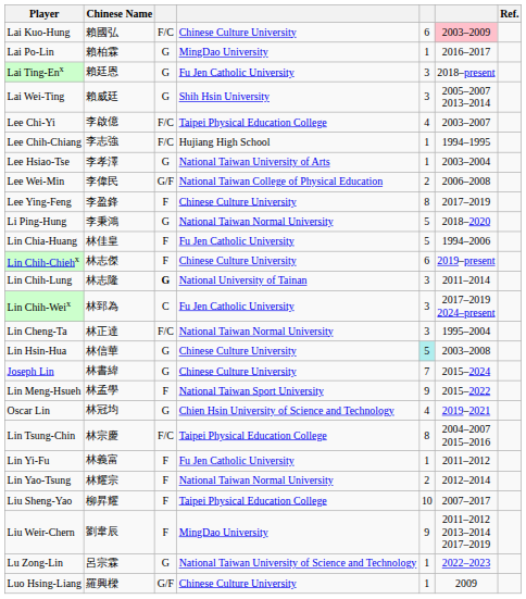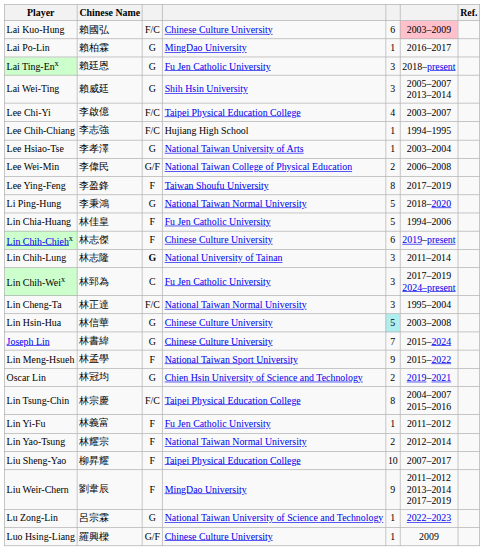 <table class="wikitable sortable" style="font-size:95%; text-align:left;">
 <tr>
 <th>Player</th>
 <th>Chinese Name</th>
 <th></th>
 <th></th>
 <th></th>
 <th></th>
 <th>Ref.</th>
 </tr>
 <tr>
 <td>Lai Kuo-Hung</td>
 <td>賴國弘</td>
 <td align="center">F/C</td>
 <td><a href='#'>Chinese Culture University</a></td>
 <td align="center">6</td>
 <td align="center" style="background: pink;">2003–2009</td>
 <td></td>
 </tr>
 <tr>
 <td>Lai Po-Lin</td>
 <td>賴柏霖</td>
 <td align="center">G</td>
 <td><a href='#'>MingDao University</a></td>
 <td align="center">1</td>
 <td align="center">2016–2017</td>
 <td></td>
 </tr>
 <tr>
 <td bgcolor="#CCFFCC">Lai Ting-En<sup>x</sup></td>
 <td>賴廷恩</td>
 <td align="center">G</td>
 <td><a href='#'>Fu Jen Catholic University</a></td>
 <td align="center">3</td>
 <td align="center">2018–<a href='#'>present</a></td>
 <td></td>
 </tr>
 <tr>
 <td>Lai Wei-Ting</td>
 <td>賴威廷</td>
 <td align="center">G</td>
 <td><a href='#'>Shih Hsin University</a></td>
 <td align="center">3</td>
 <td align="center">2005–2007<br>2013–2014</td>
 <td></td>
 </tr>
 <tr>
 <td>Lee Chi-Yi</td>
 <td>李啟億</td>
 <td align="center">F/C</td>
 <td><a href='#'>Taipei Physical Education College</a></td>
 <td align="center">4</td>
 <td align="center">2003–2007</td>
 <td></td>
 </tr>
 <tr>
 <td>Lee Chih-Chiang</td>
 <td>李志強</td>
 <td align="center">F/C</td>
 <td>Hujiang High School</td>
 <td align="center">1</td>
 <td align="center">1994–1995</td>
 <td></td>
 </tr>
 <tr>
 <td>Lee Hsiao-Tse</td>
 <td>李孝澤</td>
 <td align="center">G</td>
 <td><a href='#'>National Taiwan University of Arts</a></td>
 <td align="center">1</td>
 <td align="center">2003–2004</td>
 <td></td>
 </tr>
 <tr>
 <td>Lee Wei-Min</td>
 <td>李偉民</td>
 <td align="center">G/F</td>
 <td><a href='#'>National Taiwan College of Physical Education</a></td>
 <td align="center">2</td>
 <td align="center">2006–2008</td>
 <td></td>
 </tr>
 <tr>
 <td>Lee Ying-Feng</td>
 <td>李盈鋒</td>
 <td align="center">F</td>
-<td><a href='#'>Chinese Culture University</a></td>
+<td><a href='#'>Taiwan Shoufu University</a></td>
 <td align="center">8</td>
 <td align="center">2017–2019</td>
 <td></td>
 </tr>
 <tr>
 <td>Li Ping-Hung</td>
 <td>李秉鴻</td>
 <td align="center">G</td>
 <td><a href='#'>National Taiwan Normal University</a></td>
 <td align="center">5</td>
 <td align="center">2018–<a href='#'>2020</a></td>
 <td></td>
 </tr>
 <tr>
 <td>Lin Chia-Huang</td>
 <td>林佳皇</td>
 <td align="center">F</td>
 <td><a href='#'>Fu Jen Catholic University</a></td>
 <td align="center">5</td>
 <td align="center">1994–2006</td>
 <td></td>
 </tr>
 <tr>
 <td bgcolor="#CCFFCC"><a href='#'>Lin Chih-Chieh</a><sup>x</sup></td>
 <td>林志傑</td>
 <td align="center">F</td>
 <td><a href='#'>Chinese Culture University</a></td>
 <td align="center">6</td>
 <td align="center"><a href='#'>2019</a>–<a href='#'>present</a></td>
 <td></td>
 </tr>
 <tr>
 <td>Lin Chih-Lung</td>
 <td>林志隆</td>
 <td align="center"><strong>G</strong></td>
 <td><a href='#'>National University of Tainan</a></td>
 <td align="center">3</td>
 <td align="center">2011–2014</td>
 <td></td>
 </tr>
 <tr>
 <td bgcolor="#CCFFCC">Lin Chih-Wei<sup>x</sup></td>
 <td>林郅為</td>
 <td align="center">C</td>
 <td><a href='#'>Fu Jen Catholic University</a></td>
 <td align="center">3</td>
 <td align="center">2017–2019<br><a href='#'>2024–present</a></td>
 <td></td>
 </tr>
 <tr>
 <td>Lin Cheng-Ta</td>
 <td>林正達</td>
 <td align="center">F/C</td>
 <td><a href='#'>National Taiwan Normal University</a></td>
 <td align="center">3</td>
 <td align="center">1995–2004</td>
 <td></td>
 </tr>
 <tr>
 <td>Lin Hsin-Hua</td>
 <td>林信華</td>
 <td align="center">G</td>
 <td><a href='#'>Chinese Culture University</a></td>
 <td align="center" style="background: paleturquoise;">5</td>
 <td align="center">2003–2008</td>
 <td></td>
 </tr>
 <tr>
 <td><a href='#'>Joseph Lin</a></td>
 <td>林書緯</td>
 <td align="center">G</td>
 <td><a href='#'>Chinese Culture University</a></td>
 <td align="center">7</td>
 <td align="center">2015–<a href='#'>2024</a></td>
 <td></td>
 </tr>
 <tr>
 <td>Lin Meng-Hsueh</td>
 <td>林孟學</td>
 <td align="center">F</td>
 <td><a href='#'>National Taiwan Sport University</a></td>
 <td align="center">9</td>
 <td align="center">2015–<a href='#'>2022</a></td>
 <td></td>
 </tr>
 <tr>
 <td>Oscar Lin</td>
 <td>林冠均</td>
 <td align="center">G</td>
 <td><a href='#'>Chien Hsin University of Science and Technology</a></td>
-<td align="center">4</td>
+<td align="center">2</td>
 <td align="center"><a href='#'>2019</a>–<a href='#'>2021</a></td>
 <td></td>
 </tr>
 <tr>
 <td>Lin Tsung-Chin</td>
 <td>林宗慶</td>
 <td align="center">F/C</td>
 <td><a href='#'>Taipei Physical Education College</a></td>
 <td align="center">8</td>
 <td align="center">2004–2007<br>2015–2016</td>
 <td></td>
 </tr>
 <tr>
 <td>Lin Yi-Fu</td>
 <td>林義富</td>
 <td align="center">F</td>
 <td><a href='#'>Fu Jen Catholic University</a></td>
 <td align="center">1</td>
 <td align="center">2011–2012</td>
 <td></td>
 </tr>
 <tr>
 <td>Lin Yao-Tsung</td>
 <td>林耀宗</td>
 <td align="center">F</td>
 <td><a href='#'>National Taiwan Normal University</a></td>
 <td align="center">2</td>
 <td align="center">2012–2014</td>
 <td></td>
 </tr>
 <tr>
 <td>Liu Sheng-Yao</td>
 <td>柳昇耀</td>
 <td align="center">F</td>
 <td><a href='#'>Taipei Physical Education College</a></td>
 <td align="center">10</td>
 <td align="center">2007–2017</td>
 <td></td>
 </tr>
 <tr>
 <td>Liu Weir-Chern</td>
 <td>劉韋辰</td>
 <td align="center">F</td>
 <td><a href='#'>MingDao University</a></td>
 <td align="center">9</td>
 <td align="center">2011–2012<br>2013–2014<br>2017–2019</td>
 <td></td>
 </tr>
 <tr>
 <td>Lu Zong-Lin</td>
 <td>呂宗霖</td>
 <td align="center">G</td>
 <td><a href='#'>National Taiwan University of Science and Technology</a></td>
 <td align="center">1</td>
 <td align="center"><a href='#'>2022–2023</a></td>
 <td></td>
 </tr>
 <tr>
 <td>Luo Hsing-Liang</td>
 <td>羅興樑</td>
 <td align="center">G/F</td>
 <td><a href='#'>Chinese Culture University</a></td>
 <td align="center">1</td>
 <td align="center">2009</td>
 <td></td>
 </tr>
 </table>
